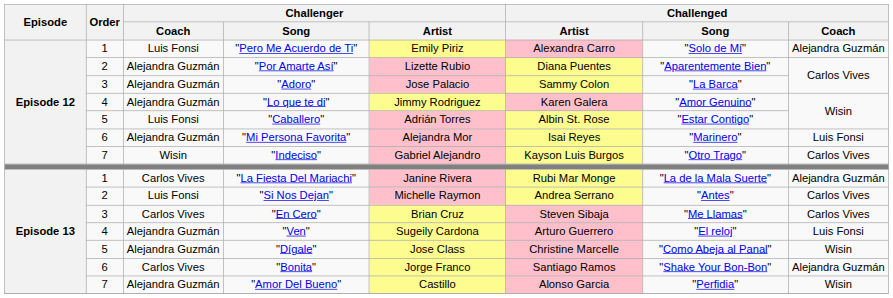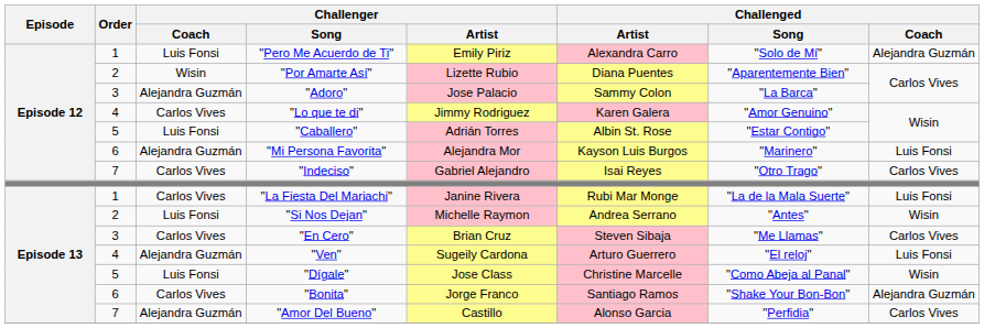 <table class="wikitable" style="text-align:center; width:100%;">
 <tr>
 <th rowspan="2" style="width:09%;">Episode</th>
 <th rowspan="2" style="width:04%;">Order</th>
 <th colspan="3" style="width:42%;">Challenger</th>
 <th colspan="3" style="width:42%;">Challenged</th>
 </tr>
 <tr>
 <th style="width:11%;">Coach</th>
 <th style="width:16%;">Song</th>
 <th style="width:15%;">Artist</th>
 <th style="width:15%;">Artist</th>
 <th style="width:16%;">Song</th>
 <th style="width:11%;">Coach</th>
 </tr>
 <tr>
 <th rowspan="7" scope="row">Episode 12<br><small></small></th>
 <td>1</td>
 <td>Luis Fonsi</td>
 <td>"<a href='#'>Pero Me Acuerdo de Ti</a>"</td>
 <td style="background:#fdfc8f;">Emily Piriz</td>
 <td style="background:pink;">Alexandra Carro</td>
 <td>"<a href='#'>Solo de Mí</a>"</td>
 <td>Alejandra Guzmán</td>
 </tr>
 <tr>
 <td>2</td>
-<td>Alejandra Guzmán</td>
+<td>Wisin</td>
 <td>"<a href='#'>Por Amarte Así</a>"</td>
 <td style="background:pink;">Lizette Rubio</td>
 <td style="background:#fdfc8f;">Diana Puentes</td>
 <td>"<a href='#'>Aparentemente Bien</a>"</td>
 <td rowspan="2">Carlos Vives</td>
 </tr>
 <tr>
 <td>3</td>
 <td>Alejandra Guzmán</td>
 <td>"<a href='#'>Adoro</a>"</td>
 <td style="background:pink;">Jose Palacio</td>
 <td style="background:#fdfc8f;">Sammy Colon</td>
 <td>"<a href='#'>La Barca</a>"</td>
 </tr>
 <tr>
 <td>4</td>
-<td>Alejandra Guzmán</td>
+<td>Carlos Vives</td>
 <td>"<a href='#'>Lo que te di</a>"</td>
 <td style="background:#fdfc8f;">Jimmy Rodriguez</td>
 <td style="background:pink;">Karen Galera</td>
 <td>"<a href='#'>Amor Genuino</a>"</td>
 <td rowspan="2">Wisin</td>
 </tr>
 <tr>
 <td>5</td>
 <td>Luis Fonsi</td>
 <td>"<a href='#'>Caballero</a>"</td>
 <td style="background:pink;">Adrián Torres</td>
 <td style="background:#fdfc8f;">Albin St. Rose</td>
 <td>"<a href='#'>Estar Contigo</a>"</td>
 </tr>
 <tr>
 <td>6</td>
 <td>Alejandra Guzmán</td>
 <td>"<a href='#'>Mi Persona Favorita</a>"</td>
 <td style="background:pink;">Alejandra Mor</td>
-<td style="background:#fdfc8f;">Isai Reyes</td>
+<td style="background:#fdfc8f;">Kayson Luis Burgos</td>
 <td>"<a href='#'>Marinero</a>"</td>
 <td>Luis Fonsi</td>
 </tr>
 <tr>
 <td>7</td>
-<td>Wisin</td>
+<td>Carlos Vives</td>
 <td>"<a href='#'>Indeciso</a>"</td>
 <td style="background:pink;">Gabriel Alejandro</td>
-<td style="background:#fdfc8f;">Kayson Luis Burgos</td>
+<td style="background:#fdfc8f;">Isai Reyes</td>
 <td>"<a href='#'>Otro Trago</a>"</td>
 <td>Carlos Vives</td>
 </tr>
 <tr>
 <th colspan="9" style="background:gray;"></th>
 </tr>
 <tr>
 <th rowspan="7">Episode 13<br><small></small></th>
 <td>1</td>
 <td>Carlos Vives</td>
 <td>"<a href='#'>La Fiesta Del Mariachi</a>"</td>
 <td style="background:pink;">Janine Rivera</td>
 <td style="background:#fdfc8f;">Rubi Mar Monge</td>
 <td>"<a href='#'>La de la Mala Suerte</a>"</td>
-<td>Alejandra Guzmán</td>
+<td>Luis Fonsi</td>
 </tr>
 <tr>
 <td>2</td>
 <td>Luis Fonsi</td>
 <td>"<a href='#'>Si Nos Dejan</a>"</td>
 <td style="background:pink;">Michelle Raymon</td>
 <td style="background:#fdfc8f;">Andrea Serrano</td>
 <td>"<a href='#'>Antes</a>"</td>
-<td>Carlos Vives</td>
+<td>Wisin</td>
 </tr>
 <tr>
 <td>3</td>
 <td>Carlos Vives</td>
 <td>"<a href='#'>En Cero</a>"</td>
 <td style="background:#fdfc8f;">Brian Cruz</td>
 <td style="background:pink;">Steven Sibaja</td>
 <td>"<a href='#'>Me Llamas</a>"</td>
 <td>Carlos Vives</td>
 </tr>
 <tr>
 <td>4</td>
 <td>Alejandra Guzmán</td>
 <td>"<a href='#'>Ven</a>"</td>
 <td style="background:#fdfc8f;">Sugeily Cardona</td>
 <td style="background:pink;">Arturo Guerrero</td>
 <td>"<a href='#'>El reloj</a>"</td>
 <td>Luis Fonsi</td>
 </tr>
 <tr>
 <td>5</td>
-<td>Alejandra Guzmán</td>
+<td>Luis Fonsi</td>
 <td>"<a href='#'>Dígale</a>"</td>
 <td style="background:#fdfc8f;">Jose Class</td>
 <td style="background:pink;">Christine Marcelle</td>
 <td>"<a href='#'>Como Abeja al Panal</a>"</td>
 <td>Wisin</td>
 </tr>
 <tr>
 <td>6</td>
 <td>Carlos Vives</td>
 <td>"<a href='#'>Bonita</a>"</td>
 <td style="background:#fdfc8f;">Jorge Franco</td>
 <td style="background:pink;">Santiago Ramos</td>
 <td>"<a href='#'>Shake Your Bon-Bon</a>"</td>
 <td>Alejandra Guzmán</td>
 </tr>
 <tr>
 <td>7</td>
 <td>Alejandra Guzmán</td>
 <td>"<a href='#'>Amor Del Bueno</a>"</td>
 <td style="background:#fdfc8f;"> Castillo</td>
 <td style="background:pink;">Alonso Garcia</td>
 <td>"<a href='#'>Perfidia</a>"</td>
-<td>Wisin</td>
+<td>Carlos Vives</td>
 </tr>
 <tr>
 </tr>
 </table>
